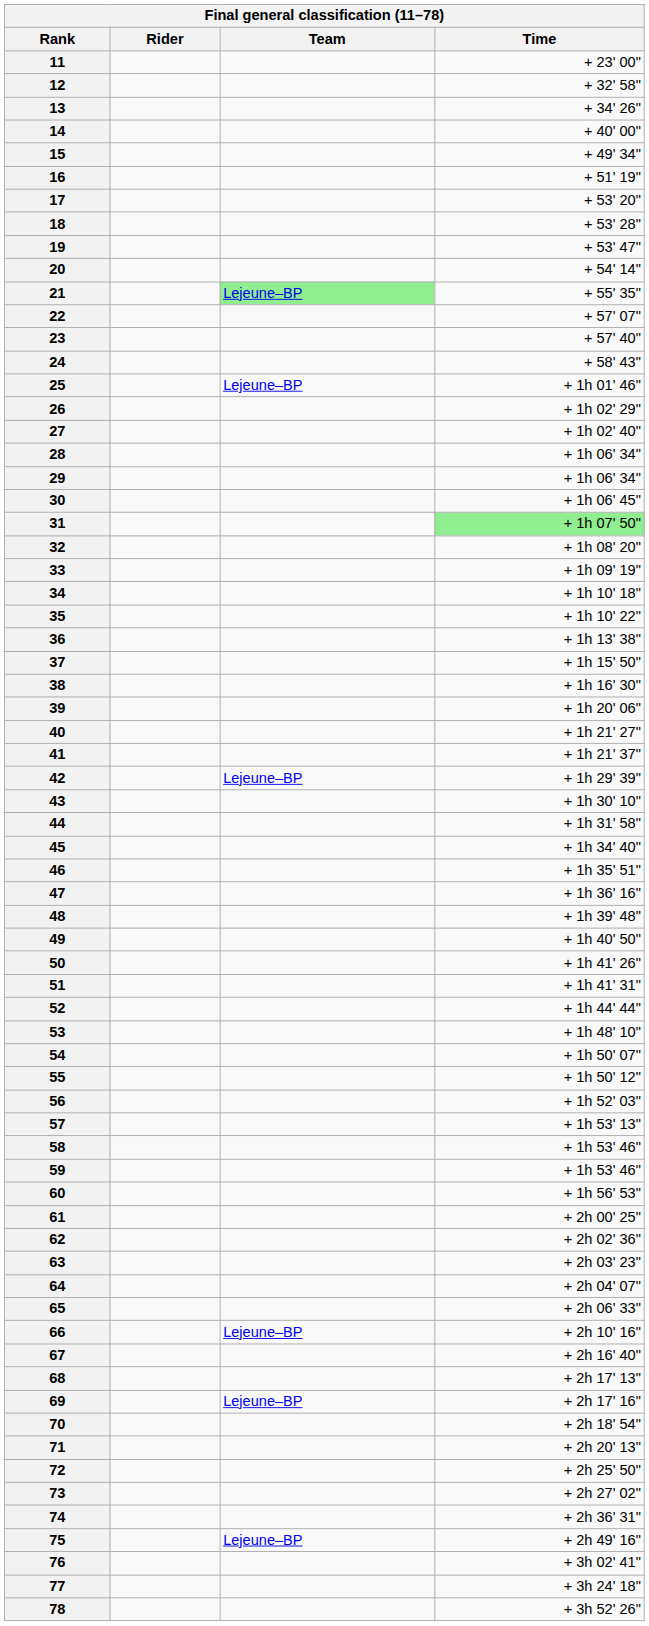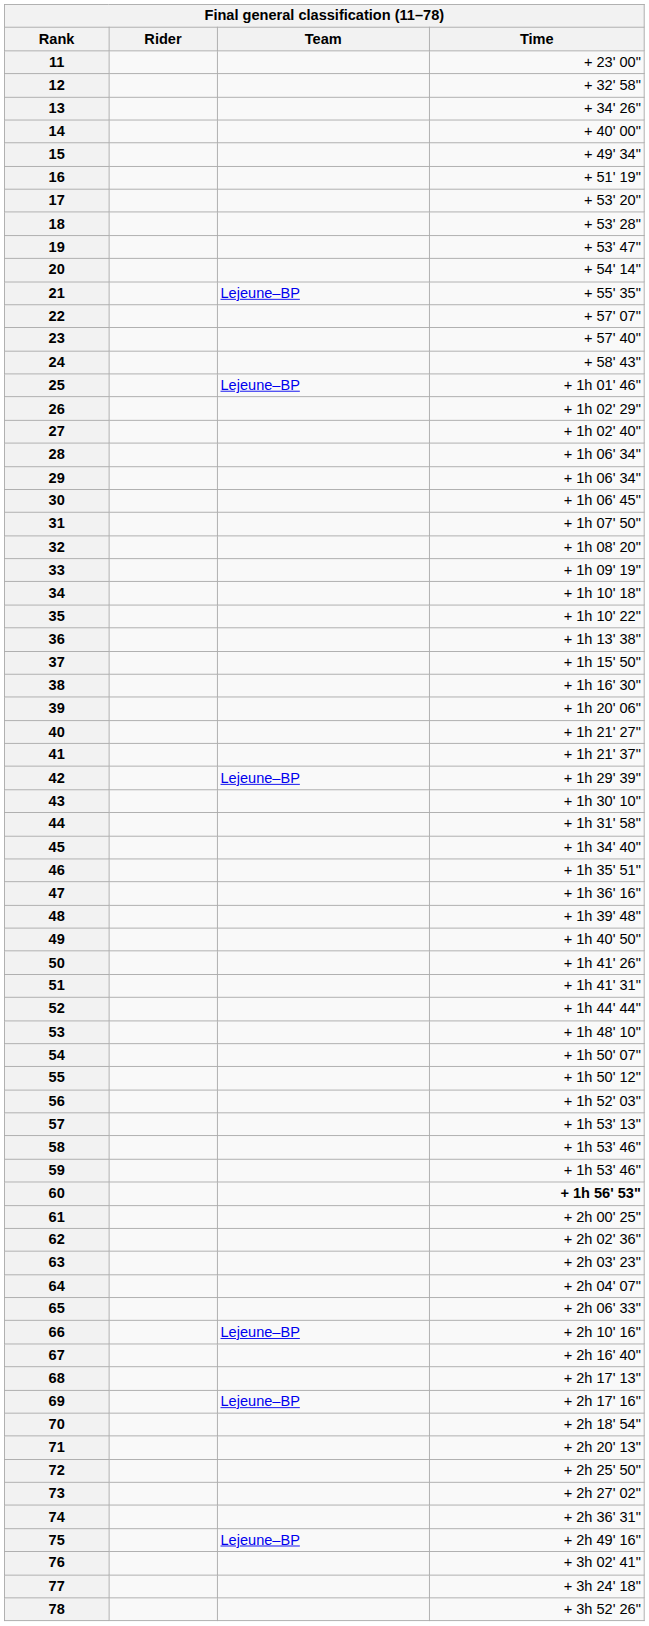 <table class="collapsible collapsed wikitable" style="width:44em;margin-top:-1px;">
 <tr>
 <th scope="col" colspan="4">Final general classification (11–78)</th>
 </tr>
 <tr>
 <th scope="col">Rank</th>
 <th scope="col">Rider</th>
 <th scope="col">Team</th>
 <th scope="col">Time</th>
 </tr>
 <tr>
 <th scope="row">11</th>
 <td></td>
 <td></td>
 <td style="text-align:right;">+ 23' 00"</td>
 </tr>
 <tr>
 <th scope="row">12</th>
 <td></td>
 <td></td>
 <td style="text-align:right;">+ 32' 58"</td>
 </tr>
 <tr>
 <th scope="row">13</th>
 <td> </td>
 <td></td>
 <td style="text-align:right;">+ 34' 26"</td>
 </tr>
 <tr>
 <th scope="row">14</th>
 <td></td>
 <td></td>
 <td style="text-align:right;">+ 40' 00"</td>
 </tr>
 <tr>
 <th scope="row">15</th>
 <td></td>
 <td></td>
 <td style="text-align:right;">+ 49' 34"</td>
 </tr>
 <tr>
 <th scope="row">16</th>
 <td></td>
 <td></td>
 <td style="text-align:right;">+ 51' 19"</td>
 </tr>
 <tr>
 <th scope="row">17</th>
 <td></td>
 <td></td>
 <td style="text-align:right;">+ 53' 20"</td>
 </tr>
 <tr>
 <th scope="row">18</th>
 <td></td>
 <td></td>
 <td style="text-align:right;">+ 53' 28"</td>
 </tr>
 <tr>
 <th scope="row">19</th>
 <td></td>
 <td></td>
 <td style="text-align:right;">+ 53' 47"</td>
 </tr>
 <tr>
 <th scope="row">20</th>
 <td></td>
 <td></td>
 <td style="text-align:right;">+ 54' 14"</td>
 </tr>
 <tr>
 <th scope="row">21</th>
 <td></td>
-<td style="background: lightgreen;"><a href='#'>Lejeune–BP</a></td>
+<td><a href='#'>Lejeune–BP</a></td>
 <td style="text-align:right;">+ 55' 35"</td>
 </tr>
 <tr>
 <th scope="row">22</th>
 <td></td>
 <td></td>
 <td style="text-align:right;">+ 57' 07"</td>
 </tr>
 <tr>
 <th scope="row">23</th>
 <td></td>
 <td></td>
 <td style="text-align:right;">+ 57' 40"</td>
 </tr>
 <tr>
 <th scope="row">24</th>
 <td></td>
 <td></td>
 <td style="text-align:right;">+ 58' 43"</td>
 </tr>
 <tr>
 <th scope="row">25</th>
 <td></td>
 <td><a href='#'>Lejeune–BP</a></td>
 <td style="text-align:right;">+ 1h 01' 46"</td>
 </tr>
 <tr>
 <th scope="row">26</th>
 <td></td>
 <td></td>
 <td style="text-align:right;">+ 1h 02' 29"</td>
 </tr>
 <tr>
 <th scope="row">27</th>
 <td></td>
 <td></td>
 <td style="text-align:right;">+ 1h 02' 40"</td>
 </tr>
 <tr>
 <th scope="row">28</th>
 <td></td>
 <td></td>
 <td style="text-align:right;">+ 1h 06' 34"</td>
 </tr>
 <tr>
 <th scope="row">29</th>
 <td></td>
 <td></td>
 <td style="text-align:right;">+ 1h 06' 34"</td>
 </tr>
 <tr>
 <th scope="row">30</th>
 <td></td>
 <td></td>
 <td style="text-align:right;">+ 1h 06' 45"</td>
 </tr>
 <tr>
 <th scope="row">31</th>
 <td></td>
 <td></td>
-<td style="background: lightgreen; text-align:right;">+ 1h 07' 50"</td>
+<td style="text-align:right;">+ 1h 07' 50"</td>
 </tr>
 <tr>
 <th scope="row">32</th>
 <td></td>
 <td></td>
 <td style="text-align:right;">+ 1h 08' 20"</td>
 </tr>
 <tr>
 <th scope="row">33</th>
 <td></td>
 <td></td>
 <td style="text-align:right;">+ 1h 09' 19"</td>
 </tr>
 <tr>
 <th scope="row">34</th>
 <td></td>
 <td></td>
 <td style="text-align:right;">+ 1h 10' 18"</td>
 </tr>
 <tr>
 <th scope="row">35</th>
 <td></td>
 <td></td>
 <td style="text-align:right;">+ 1h 10' 22"</td>
 </tr>
 <tr>
 <th scope="row">36</th>
 <td></td>
 <td></td>
 <td style="text-align:right;">+ 1h 13' 38"</td>
 </tr>
 <tr>
 <th scope="row">37</th>
 <td></td>
 <td></td>
 <td style="text-align:right;">+ 1h 15' 50"</td>
 </tr>
 <tr>
 <th scope="row">38</th>
 <td></td>
 <td></td>
 <td style="text-align:right;">+ 1h 16' 30"</td>
 </tr>
 <tr>
 <th scope="row">39</th>
 <td></td>
 <td></td>
 <td style="text-align:right;">+ 1h 20' 06"</td>
 </tr>
 <tr>
 <th scope="row">40</th>
 <td></td>
 <td></td>
 <td style="text-align:right;">+ 1h 21' 27"</td>
 </tr>
 <tr>
 <th scope="row">41</th>
 <td></td>
 <td></td>
 <td style="text-align:right;">+ 1h 21' 37"</td>
 </tr>
 <tr>
 <th scope="row">42</th>
 <td></td>
 <td><a href='#'>Lejeune–BP</a></td>
 <td style="text-align:right;">+ 1h 29' 39"</td>
 </tr>
 <tr>
 <th scope="row">43</th>
 <td></td>
 <td></td>
 <td style="text-align:right;">+ 1h 30' 10"</td>
 </tr>
 <tr>
 <th scope="row">44</th>
 <td></td>
 <td></td>
 <td style="text-align:right;">+ 1h 31' 58"</td>
 </tr>
 <tr>
 <th scope="row">45</th>
 <td></td>
 <td></td>
 <td style="text-align:right;">+ 1h 34' 40"</td>
 </tr>
 <tr>
 <th scope="row">46</th>
 <td></td>
 <td></td>
 <td style="text-align:right;">+ 1h 35' 51"</td>
 </tr>
 <tr>
 <th scope="row">47</th>
 <td></td>
 <td></td>
 <td style="text-align:right;">+ 1h 36' 16"</td>
 </tr>
 <tr>
 <th scope="row">48</th>
 <td></td>
 <td></td>
 <td style="text-align:right;">+ 1h 39' 48"</td>
 </tr>
 <tr>
 <th scope="row">49</th>
 <td></td>
 <td></td>
 <td style="text-align:right;">+ 1h 40' 50"</td>
 </tr>
 <tr>
 <th scope="row">50</th>
 <td></td>
 <td></td>
 <td style="text-align:right;">+ 1h 41' 26"</td>
 </tr>
 <tr>
 <th scope="row">51</th>
 <td></td>
 <td></td>
 <td style="text-align:right;">+ 1h 41' 31"</td>
 </tr>
 <tr>
 <th scope="row">52</th>
 <td></td>
 <td></td>
 <td style="text-align:right;">+ 1h 44' 44"</td>
 </tr>
 <tr>
 <th scope="row">53</th>
 <td></td>
 <td></td>
 <td style="text-align:right;">+ 1h 48' 10"</td>
 </tr>
 <tr>
 <th scope="row">54</th>
 <td></td>
 <td></td>
 <td style="text-align:right;">+ 1h 50' 07"</td>
 </tr>
 <tr>
 <th scope="row">55</th>
 <td></td>
 <td></td>
 <td style="text-align:right;">+ 1h 50' 12"</td>
 </tr>
 <tr>
 <th scope="row">56</th>
 <td></td>
 <td></td>
 <td style="text-align:right;">+ 1h 52' 03"</td>
 </tr>
 <tr>
 <th scope="row">57</th>
 <td></td>
 <td></td>
 <td style="text-align:right;">+ 1h 53' 13"</td>
 </tr>
 <tr>
 <th scope="row">58</th>
 <td></td>
 <td></td>
 <td style="text-align:right;">+ 1h 53' 46"</td>
 </tr>
 <tr>
 <th scope="row">59</th>
 <td></td>
 <td></td>
 <td style="text-align:right;">+ 1h 53' 46"</td>
 </tr>
 <tr>
 <th scope="row">60</th>
 <td></td>
 <td></td>
-<td style="text-align:right;">+ 1h 56' 53"</td>
+<td style="text-align:right;"><strong>+ 1h 56' 53"</strong></td>
 </tr>
 <tr>
 <th scope="row">61</th>
 <td></td>
 <td></td>
 <td style="text-align:right;">+ 2h 00' 25"</td>
 </tr>
 <tr>
 <th scope="row">62</th>
 <td></td>
 <td></td>
 <td style="text-align:right;">+ 2h 02' 36"</td>
 </tr>
 <tr>
 <th scope="row">63</th>
 <td></td>
 <td></td>
 <td style="text-align:right;">+ 2h 03' 23"</td>
 </tr>
 <tr>
 <th scope="row">64</th>
 <td></td>
 <td></td>
 <td style="text-align:right;">+ 2h 04' 07"</td>
 </tr>
 <tr>
 <th scope="row">65</th>
 <td></td>
 <td></td>
 <td style="text-align:right;">+ 2h 06' 33"</td>
 </tr>
 <tr>
 <th scope="row">66</th>
 <td></td>
 <td><a href='#'>Lejeune–BP</a></td>
 <td style="text-align:right;">+ 2h 10' 16"</td>
 </tr>
 <tr>
 <th scope="row">67</th>
 <td></td>
 <td></td>
 <td style="text-align:right;">+ 2h 16' 40"</td>
 </tr>
 <tr>
 <th scope="row">68</th>
 <td></td>
 <td></td>
 <td style="text-align:right;">+ 2h 17' 13"</td>
 </tr>
 <tr>
 <th scope="row">69</th>
 <td></td>
 <td><a href='#'>Lejeune–BP</a></td>
 <td style="text-align:right;">+ 2h 17' 16"</td>
 </tr>
 <tr>
 <th scope="row">70</th>
 <td></td>
 <td></td>
 <td style="text-align:right;">+ 2h 18' 54"</td>
 </tr>
 <tr>
 <th scope="row">71</th>
 <td></td>
 <td></td>
 <td style="text-align:right;">+ 2h 20' 13"</td>
 </tr>
 <tr>
 <th scope="row">72</th>
 <td></td>
 <td></td>
 <td style="text-align:right;">+ 2h 25' 50"</td>
 </tr>
 <tr>
 <th scope="row">73</th>
 <td></td>
 <td></td>
 <td style="text-align:right;">+ 2h 27' 02"</td>
 </tr>
 <tr>
 <th scope="row">74</th>
 <td></td>
 <td></td>
 <td style="text-align:right;">+ 2h 36' 31"</td>
 </tr>
 <tr>
 <th scope="row">75</th>
 <td></td>
 <td><a href='#'>Lejeune–BP</a></td>
 <td style="text-align:right;">+ 2h 49' 16"</td>
 </tr>
 <tr>
 <th scope="row">76</th>
 <td></td>
 <td></td>
 <td style="text-align:right;">+ 3h 02' 41"</td>
 </tr>
 <tr>
 <th scope="row">77</th>
 <td></td>
 <td></td>
 <td style="text-align:right;">+ 3h 24' 18"</td>
 </tr>
 <tr>
 <th scope="row">78</th>
 <td></td>
 <td></td>
 <td style="text-align:right;">+ 3h 52' 26"</td>
 </tr>
 </table>
